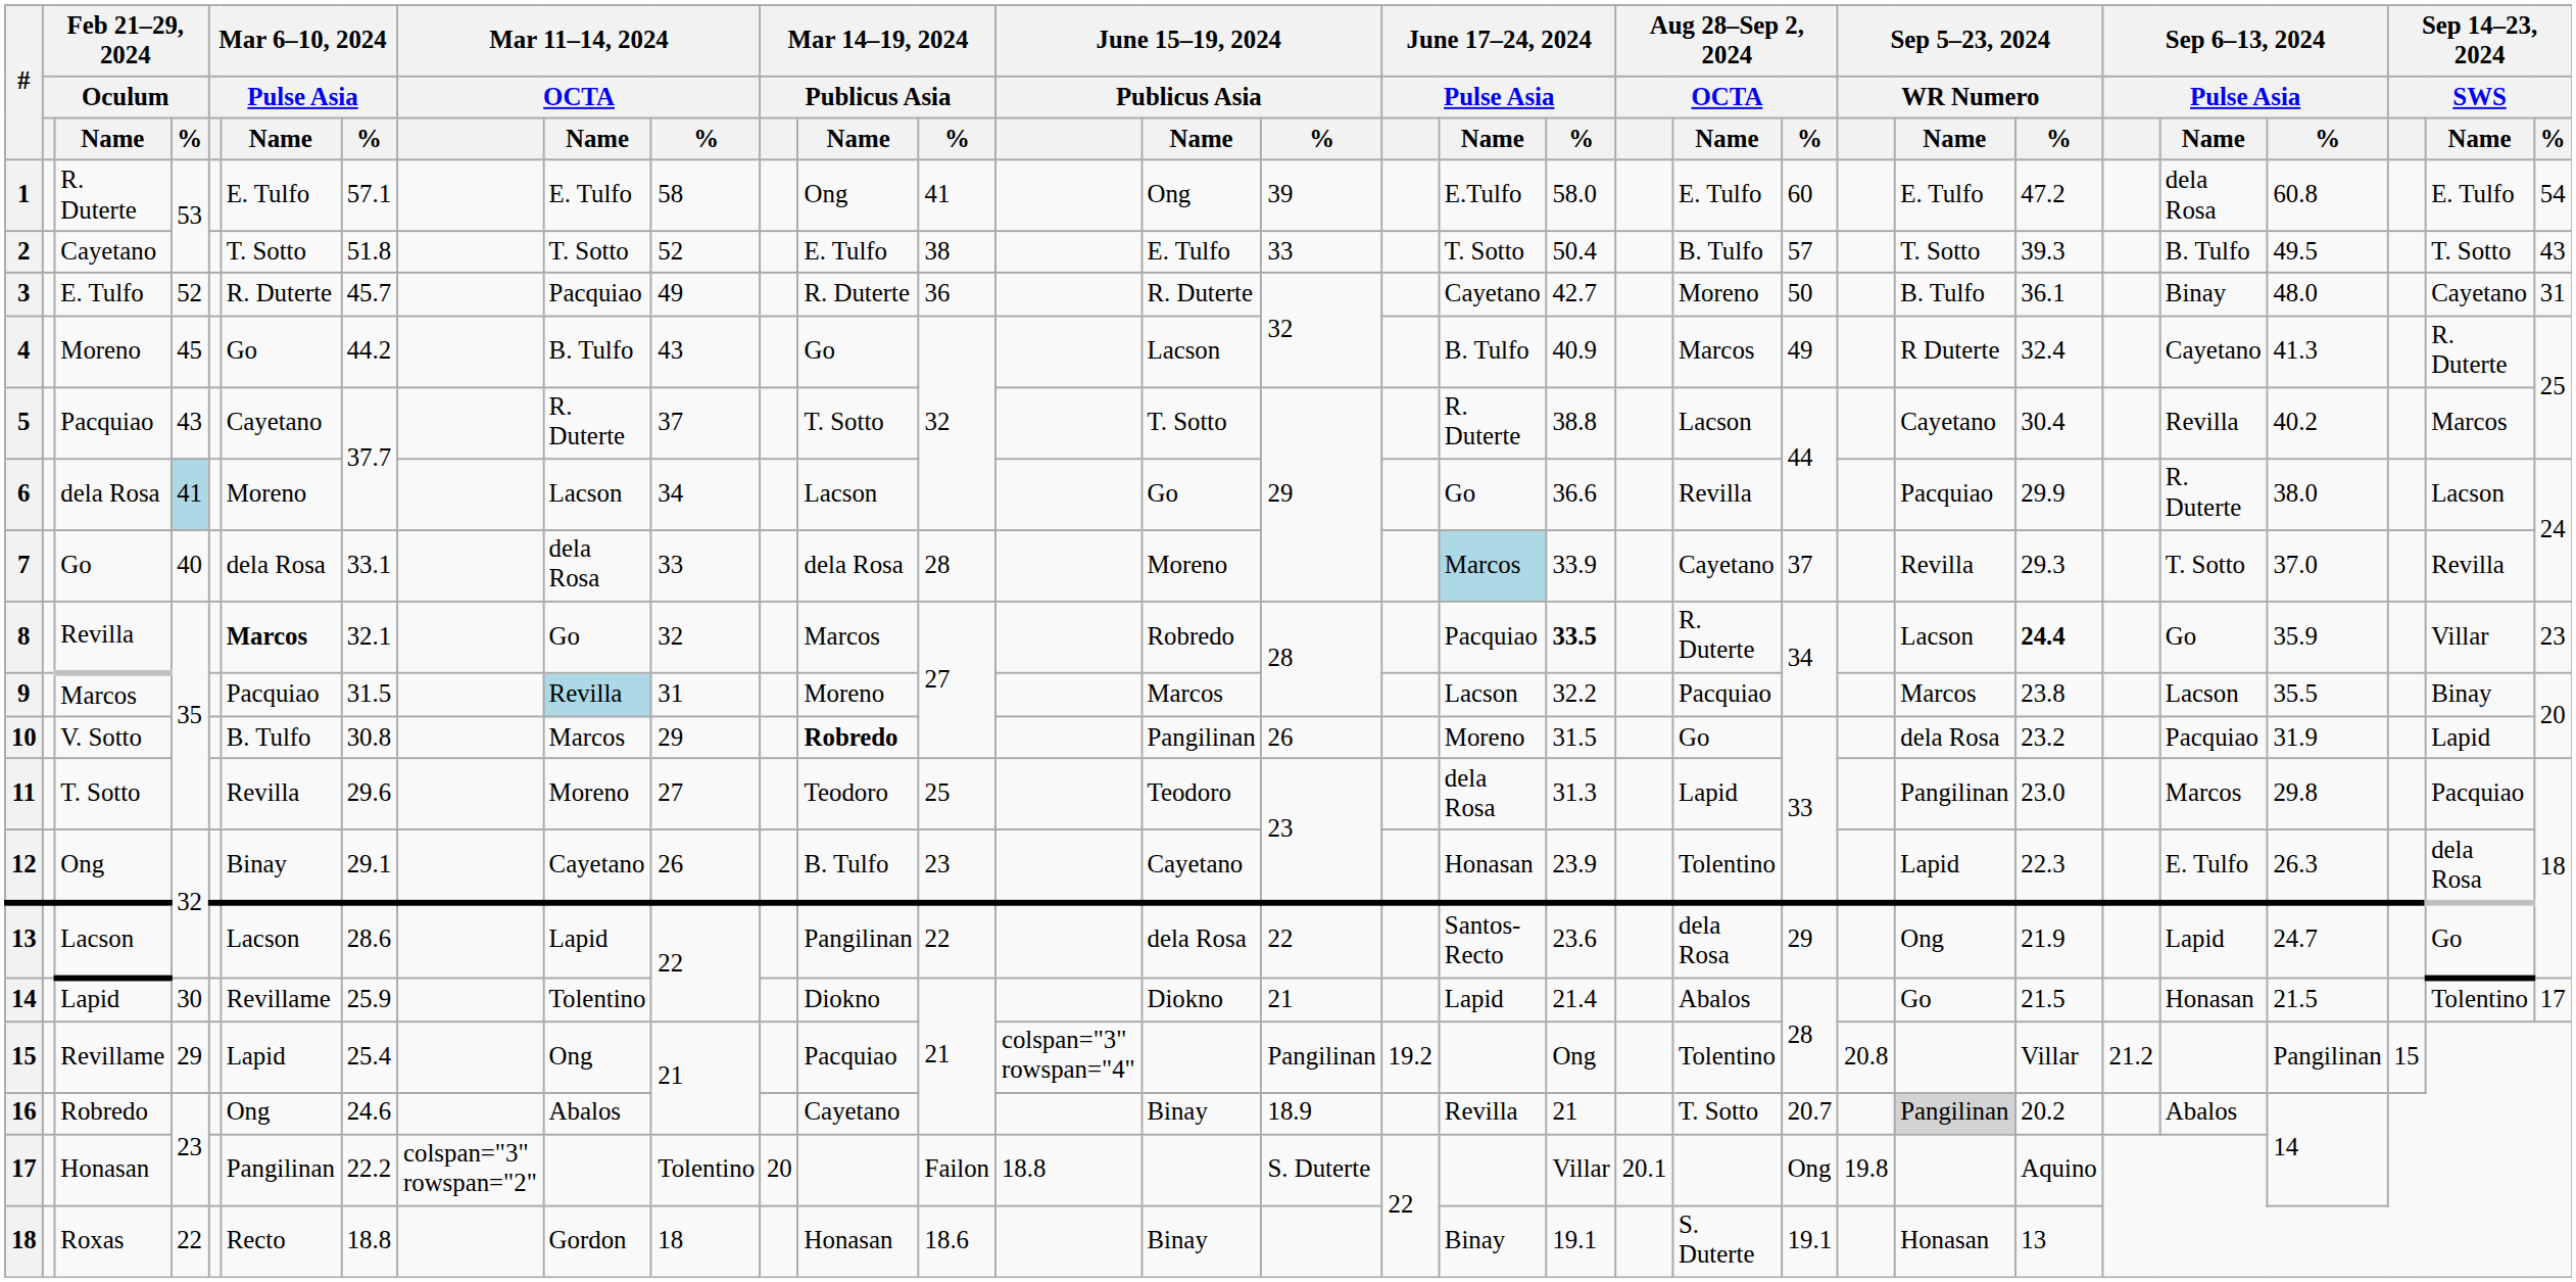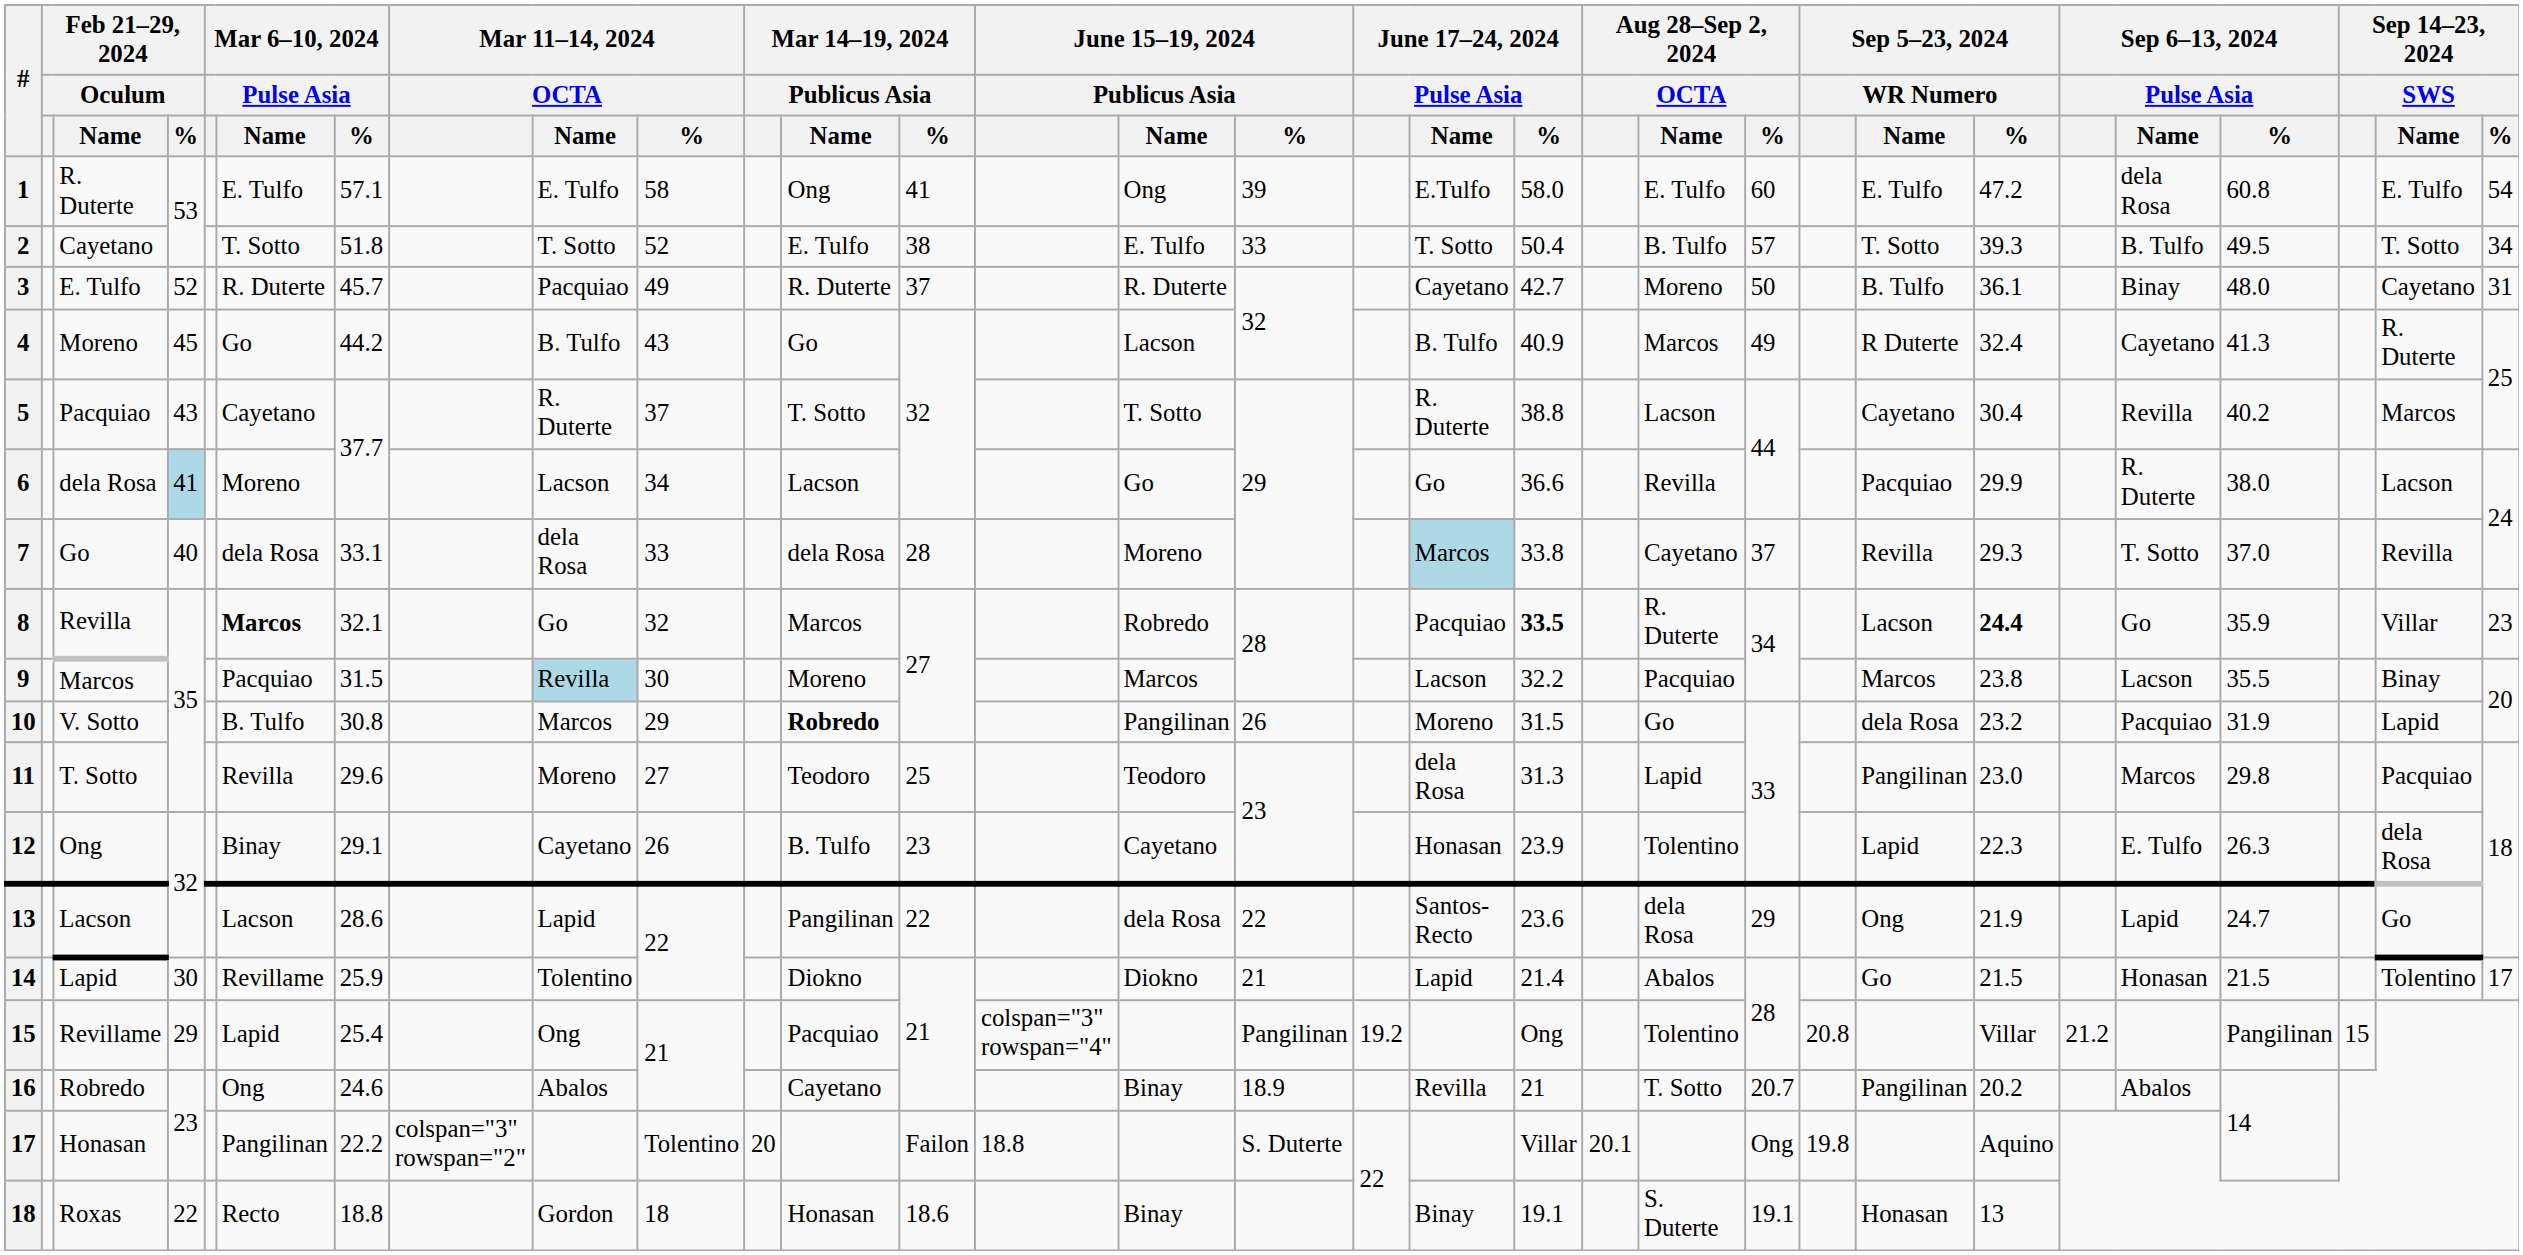 <table class="wikitable sortable" style="font-size:80%;">
 <tr>
 <th rowspan="3" class="unsortable">#</th>
 <th colspan="3">Feb 21–29, 2024</th>
 <th colspan="3">Mar 6–10, 2024</th>
 <th colspan="3">Mar 11–14, 2024</th>
 <th colspan="3">Mar 14–19, 2024</th>
 <th colspan="3">June 15–19, 2024</th>
 <th colspan="3">June 17–24, 2024</th>
 <th colspan="3">Aug 28–Sep 2, 2024</th>
 <th colspan="3">Sep 5–23, 2024</th>
 <th colspan="3">Sep 6–13, 2024</th>
 <th colspan="3">Sep 14–23, 2024</th>
 </tr>
 <tr>
 <th colspan="3">Oculum</th>
 <th colspan="3"><a href='#'>Pulse Asia</a></th>
 <th colspan="3"><a href='#'>OCTA</a></th>
 <th colspan="3">Publicus Asia</th>
 <th colspan="3">Publicus Asia</th>
 <th colspan="3"><a href='#'>Pulse Asia</a></th>
 <th colspan="3"><a href='#'>OCTA</a></th>
 <th colspan="3">WR Numero</th>
 <th colspan="3"><a href='#'>Pulse Asia</a></th>
 <th colspan="3"><a href='#'>SWS</a></th>
 </tr>
 <tr>
 <th width=5px class="unsortable"></th>
 <th>Name</th>
 <th>%</th>
 <th width=5px class="unsortable"></th>
 <th>Name</th>
 <th>%</th>
 <th width=5px class="unsortable"></th>
 <th>Name</th>
 <th>%</th>
 <th width=5px class="unsortable"></th>
 <th>Name</th>
 <th>%</th>
 <th width=5px class="unsortable"></th>
 <th>Name</th>
 <th>%</th>
 <th width=5px class="unsortable"></th>
 <th>Name</th>
 <th>%</th>
 <th width=5px class="unsortable"></th>
 <th>Name</th>
 <th>%</th>
 <th width=5px class="unsortable"></th>
 <th>Name</th>
 <th>%</th>
 <th width=5px class="unsortable"></th>
 <th>Name</th>
 <th>%</th>
 <th width=5px class="unsortable"></th>
 <th>Name</th>
 <th>%</th>
 </tr>
 <tr>
 <th>1</th>
 <td></td>
 <td>R. Duterte</td>
 <td rowspan="2">53</td>
 <td></td>
 <td>E. Tulfo</td>
 <td>57.1</td>
 <td></td>
 <td>E. Tulfo</td>
 <td>58</td>
 <td></td>
 <td>Ong</td>
 <td>41</td>
 <td></td>
 <td>Ong</td>
 <td>39</td>
 <td></td>
 <td>E.Tulfo</td>
 <td>58.0</td>
 <td></td>
 <td>E. Tulfo</td>
 <td>60</td>
 <td></td>
 <td>E. Tulfo</td>
 <td>47.2</td>
 <td></td>
 <td>dela Rosa</td>
 <td>60.8</td>
 <td></td>
 <td>E. Tulfo</td>
 <td>54</td>
 </tr>
 <tr>
 <th>2</th>
 <td></td>
 <td Cayetano>Cayetano</td>
 <td></td>
 <td>T. Sotto</td>
 <td>51.8</td>
 <td></td>
 <td>T. Sotto</td>
 <td>52</td>
 <td></td>
 <td>E. Tulfo</td>
 <td>38</td>
 <td></td>
 <td>E. Tulfo</td>
 <td>33</td>
 <td></td>
 <td>T. Sotto</td>
 <td>50.4</td>
 <td></td>
 <td>B. Tulfo</td>
 <td>57</td>
 <td></td>
 <td>T. Sotto</td>
 <td>39.3</td>
 <td></td>
 <td>B. Tulfo</td>
 <td>49.5</td>
 <td></td>
 <td>T. Sotto</td>
-<td>43</td>
+<td>34</td>
 </tr>
 <tr>
 <th>3</th>
 <td></td>
 <td>E. Tulfo</td>
 <td>52</td>
 <td></td>
 <td>R. Duterte</td>
 <td>45.7</td>
 <td></td>
 <td>Pacquiao</td>
 <td>49</td>
 <td></td>
 <td>R. Duterte</td>
-<td>36</td>
+<td>37</td>
 <td></td>
 <td>R. Duterte</td>
 <td rowspan="2">32</td>
 <td></td>
 <td>Cayetano</td>
 <td>42.7</td>
 <td></td>
 <td>Moreno</td>
 <td>50</td>
 <td></td>
 <td>B. Tulfo</td>
 <td>36.1</td>
 <td></td>
 <td>Binay</td>
 <td>48.0</td>
 <td></td>
 <td>Cayetano</td>
 <td>31</td>
 </tr>
 <tr>
 <th>4</th>
 <td></td>
 <td>Moreno</td>
 <td>45</td>
 <td></td>
 <td>Go</td>
 <td>44.2</td>
 <td></td>
 <td>B. Tulfo</td>
 <td>43</td>
 <td></td>
 <td>Go</td>
 <td rowspan="3">32</td>
 <td></td>
 <td>Lacson</td>
 <td></td>
 <td>B. Tulfo</td>
 <td>40.9</td>
 <td></td>
 <td>Marcos</td>
 <td>49</td>
 <td></td>
 <td>R Duterte</td>
 <td>32.4</td>
 <td></td>
 <td>Cayetano</td>
 <td>41.3</td>
 <td></td>
 <td>R. Duterte</td>
 <td rowspan="2">25</td>
 </tr>
 <tr>
 <th>5</th>
 <td></td>
 <td>Pacquiao</td>
 <td>43</td>
 <td></td>
 <td>Cayetano</td>
 <td rowspan="2">37.7</td>
 <td></td>
 <td>R. Duterte</td>
 <td>37</td>
 <td></td>
 <td>T. Sotto</td>
 <td></td>
 <td>T. Sotto</td>
 <td rowspan="3">29</td>
 <td></td>
 <td>R. Duterte</td>
 <td>38.8</td>
 <td></td>
 <td>Lacson</td>
 <td rowspan="2">44</td>
 <td></td>
 <td>Cayetano</td>
 <td>30.4</td>
 <td></td>
 <td>Revilla</td>
 <td>40.2</td>
 <td></td>
 <td>Marcos</td>
 </tr>
 <tr>
 <th>6</th>
 <td></td>
 <td>dela Rosa</td>
 <td style="background: lightblue;">41</td>
 <td></td>
 <td>Moreno</td>
 <td></td>
 <td>Lacson</td>
 <td>34</td>
 <td></td>
 <td>Lacson</td>
 <td></td>
 <td>Go</td>
 <td></td>
 <td>Go</td>
 <td>36.6</td>
 <td></td>
 <td>Revilla</td>
 <td></td>
 <td>Pacquiao</td>
 <td>29.9</td>
 <td></td>
 <td>R. Duterte</td>
 <td>38.0</td>
 <td></td>
 <td>Lacson</td>
 <td rowspan="2">24</td>
 </tr>
 <tr>
 <th>7</th>
 <td></td>
 <td>Go</td>
 <td>40</td>
 <td></td>
 <td>dela Rosa</td>
 <td>33.1</td>
 <td></td>
 <td>dela Rosa</td>
 <td>33</td>
 <td></td>
 <td>dela Rosa</td>
 <td>28</td>
 <td></td>
 <td>Moreno</td>
 <td></td>
 <td style="background: lightblue;">Marcos</td>
-<td>33.9</td>
+<td>33.8</td>
 <td></td>
 <td>Cayetano</td>
 <td>37</td>
 <td></td>
 <td>Revilla</td>
 <td>29.3</td>
 <td></td>
 <td>T. Sotto</td>
 <td>37.0</td>
 <td></td>
 <td>Revilla</td>
 </tr>
 <tr>
 <th>8</th>
 <td></td>
 <td style="border-bottom:3px solid #c0c0c0;">Revilla</td>
 <td rowspan="4">35</td>
 <td></td>
 <td><strong>Marcos</strong></td>
 <td>32.1</td>
 <td></td>
 <td>Go</td>
 <td>32</td>
 <td></td>
 <td>Marcos</td>
 <td rowspan="3">27</td>
 <td></td>
 <td>Robredo</td>
 <td rowspan="2">28</td>
 <td></td>
 <td>Pacquiao</td>
 <td><strong>33.5</strong></td>
 <td></td>
 <td>R. Duterte</td>
 <td rowspan="2">34</td>
 <td></td>
 <td>Lacson</td>
 <td><strong>24.4</strong></td>
 <td></td>
 <td>Go</td>
 <td>35.9</td>
 <td></td>
 <td>Villar</td>
 <td>23</td>
 </tr>
 <tr>
 <th>9</th>
 <td></td>
 <td>Marcos</td>
 <td></td>
 <td>Pacquiao</td>
 <td>31.5</td>
 <td></td>
 <td style="background: lightblue;">Revilla</td>
-<td>31</td>
+<td>30</td>
 <td></td>
 <td>Moreno</td>
 <td></td>
 <td>Marcos</td>
 <td></td>
 <td>Lacson</td>
 <td>32.2</td>
 <td></td>
 <td>Pacquiao</td>
 <td></td>
 <td>Marcos</td>
 <td>23.8</td>
 <td></td>
 <td>Lacson</td>
 <td>35.5</td>
 <td></td>
 <td>Binay</td>
 <td rowspan="2">20</td>
 </tr>
 <tr>
 <th>10</th>
 <td></td>
 <td>V. Sotto</td>
 <td></td>
 <td>B. Tulfo</td>
 <td>30.8</td>
 <td></td>
 <td>Marcos</td>
 <td>29</td>
 <td></td>
 <td><strong>Robredo</strong></td>
 <td></td>
 <td>Pangilinan</td>
 <td>26</td>
 <td></td>
 <td>Moreno</td>
 <td>31.5</td>
 <td></td>
 <td>Go</td>
 <td rowspan="3">33</td>
 <td></td>
 <td>dela Rosa</td>
 <td>23.2</td>
 <td></td>
 <td>Pacquiao</td>
 <td>31.9</td>
 <td></td>
 <td>Lapid</td>
 </tr>
 <tr>
 <th>11</th>
 <td></td>
 <td>T. Sotto</td>
 <td></td>
 <td>Revilla</td>
 <td>29.6</td>
 <td></td>
 <td>Moreno</td>
 <td>27</td>
 <td></td>
 <td>Teodoro</td>
 <td>25</td>
 <td></td>
 <td>Teodoro</td>
 <td rowspan="2">23</td>
 <td></td>
 <td>dela Rosa</td>
 <td>31.3</td>
 <td></td>
 <td>Lapid</td>
 <td></td>
 <td>Pangilinan</td>
 <td>23.0</td>
 <td></td>
 <td>Marcos</td>
 <td>29.8</td>
 <td></td>
 <td>Pacquiao</td>
 <td rowspan="3">18</td>
 </tr>
 <tr style="border-bottom:3px solid black">
 <th>12</th>
 <td></td>
 <td>Ong</td>
 <td rowspan="2">32</td>
 <td></td>
 <td>Binay</td>
 <td>29.1</td>
 <td></td>
 <td>Cayetano</td>
 <td>26</td>
 <td></td>
 <td>B. Tulfo</td>
 <td>23</td>
 <td></td>
 <td>Cayetano</td>
 <td></td>
 <td>Honasan</td>
 <td>23.9</td>
 <td></td>
 <td>Tolentino</td>
 <td></td>
 <td>Lapid</td>
 <td>22.3</td>
 <td></td>
 <td>E. Tulfo</td>
 <td>26.3</td>
 <td></td>
 <td style="border-bottom:3px solid #c0c0c0;">dela Rosa</td>
 </tr>
 <tr>
 <th>13</th>
 <td></td>
 <td style="border-bottom:3px solid black">Lacson</td>
 <td></td>
 <td>Lacson</td>
 <td>28.6</td>
 <td></td>
 <td>Lapid</td>
 <td rowspan="2">22</td>
 <td></td>
 <td>Pangilinan</td>
 <td>22</td>
 <td></td>
 <td>dela Rosa</td>
 <td>22</td>
 <td></td>
 <td>Santos-Recto</td>
 <td>23.6</td>
 <td></td>
 <td>dela Rosa</td>
 <td>29</td>
 <td></td>
 <td>Ong</td>
 <td>21.9</td>
 <td></td>
 <td>Lapid</td>
 <td>24.7</td>
 <td></td>
 <td style="border-bottom:3px solid black">Go</td>
 </tr>
 <tr>
 <th>14</th>
 <td></td>
 <td>Lapid</td>
 <td>30</td>
 <td></td>
 <td>Revillame</td>
 <td>25.9</td>
 <td></td>
 <td>Tolentino</td>
 <td></td>
 <td>Diokno</td>
 <td rowspan="3">21</td>
 <td></td>
 <td>Diokno</td>
 <td>21</td>
 <td></td>
 <td>Lapid</td>
 <td>21.4</td>
 <td></td>
 <td>Abalos</td>
 <td rowspan="2">28</td>
 <td></td>
 <td>Go</td>
 <td>21.5</td>
 <td></td>
 <td>Honasan</td>
 <td>21.5</td>
 <td></td>
 <td>Tolentino</td>
 <td>17</td>
 </tr>
 <tr>
 <th>15</th>
 <td></td>
 <td>Revillame</td>
 <td>29</td>
 <td></td>
 <td>Lapid</td>
 <td>25.4</td>
 <td></td>
 <td>Ong</td>
 <td rowspan="2">21</td>
 <td></td>
 <td>Pacquiao</td>
 <td>colspan="3" rowspan="4" </td>
 <td></td>
 <td>Pangilinan</td>
 <td>19.2</td>
 <td></td>
 <td>Ong</td>
 <td></td>
 <td>Tolentino</td>
 <td>20.8</td>
 <td></td>
 <td>Villar</td>
 <td>21.2</td>
 <td></td>
 <td>Pangilinan</td>
 <td>15</td>
 </tr>
 <tr>
 <th>16</th>
 <td></td>
 <td>Robredo</td>
 <td rowspan="2">23</td>
 <td></td>
 <td>Ong</td>
 <td>24.6</td>
 <td></td>
 <td>Abalos</td>
 <td></td>
 <td>Cayetano</td>
 <td></td>
 <td>Binay</td>
 <td>18.9</td>
 <td></td>
 <td>Revilla</td>
 <td>21</td>
 <td></td>
 <td>T. Sotto</td>
 <td>20.7</td>
 <td></td>
-<td style="background: lightgrey;">Pangilinan</td>
+<td>Pangilinan</td>
 <td>20.2</td>
 <td></td>
 <td>Abalos</td>
 <td rowspan="2">14</td>
 </tr>
 <tr>
 <th>17</th>
 <td></td>
 <td>Honasan</td>
 <td></td>
 <td>Pangilinan</td>
 <td>22.2</td>
 <td>colspan="3" rowspan="2" </td>
 <td></td>
 <td>Tolentino</td>
 <td>20</td>
 <td></td>
 <td>Failon</td>
 <td>18.8</td>
 <td></td>
 <td>S. Duterte</td>
 <td rowspan="2">22</td>
 <td></td>
 <td>Villar</td>
 <td>20.1</td>
 <td></td>
 <td>Ong</td>
 <td>19.8</td>
 <td></td>
 <td>Aquino</td>
 </tr>
 <tr>
 <th>18</th>
 <td></td>
 <td>Roxas</td>
 <td>22</td>
 <td></td>
 <td>Recto</td>
 <td>18.8</td>
 <td></td>
 <td>Gordon</td>
 <td>18</td>
 <td></td>
 <td>Honasan</td>
 <td>18.6</td>
 <td></td>
 <td>Binay</td>
 <td></td>
 <td>Binay</td>
 <td>19.1</td>
 <td></td>
 <td>S. Duterte</td>
 <td>19.1</td>
 <td></td>
 <td>Honasan</td>
 <td>13</td>
 </tr>
 </table>
